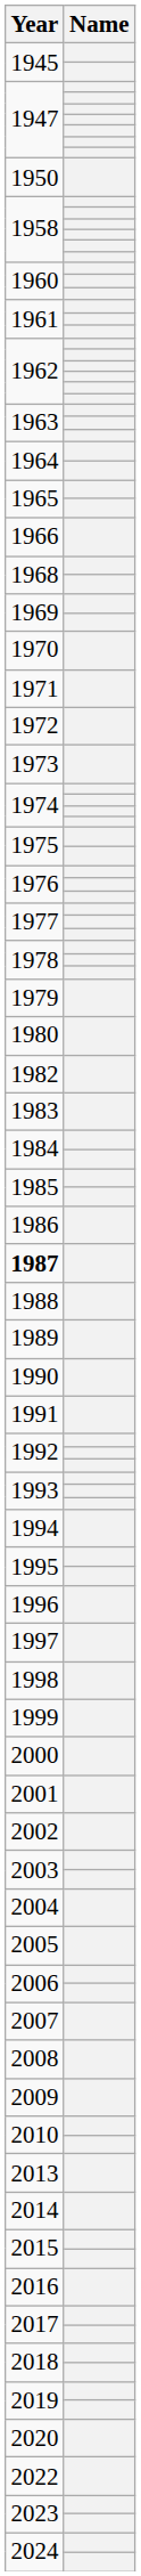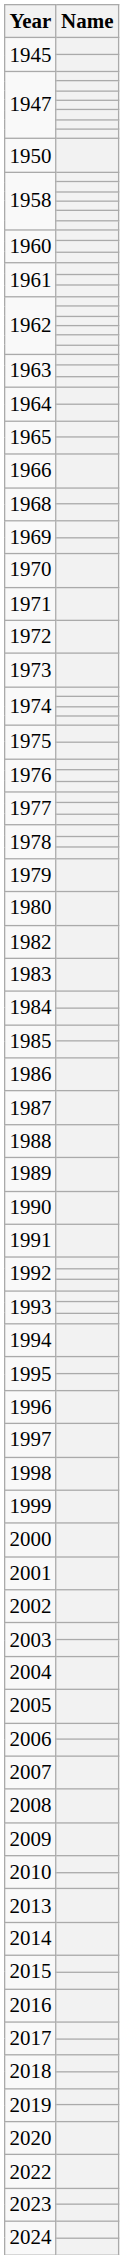 <table class="wikitable sortable plainrowheaders">
 <tr>
 <th scope="col">Year</th>
 <th scope="col">Name</th>
 </tr>
 <tr>
 <td rowspan="2">1945</td>
 <th scope="row"></th>
 </tr>
 <tr>
 <th scope="row"></th>
 </tr>
 <tr>
 <td rowspan="7">1947</td>
 <th scope="row"></th>
 </tr>
 <tr>
 <th scope="row"></th>
 </tr>
 <tr>
 <th scope="row"></th>
 </tr>
 <tr>
 <th scope="row"></th>
 </tr>
 <tr>
 <th scope="row"></th>
 </tr>
 <tr>
 <th scope="row"></th>
 </tr>
 <tr>
 <th scope="row"></th>
 </tr>
 <tr>
 <td>1950</td>
 <th scope="row"></th>
 </tr>
 <tr>
 <td rowspan="6">1958</td>
 <th scope="row"></th>
 </tr>
 <tr>
 <th scope="row"></th>
 </tr>
 <tr>
 <th scope="row"></th>
 </tr>
 <tr>
 <th scope="row"></th>
 </tr>
 <tr>
 <th scope="row"></th>
 </tr>
 <tr>
 <th scope="row"></th>
 </tr>
 <tr>
 <td rowspan="3">1960</td>
 <th scope="row"></th>
 </tr>
 <tr>
 <th scope="row"></th>
 </tr>
 <tr>
 <th scope="row"></th>
 </tr>
 <tr>
 <td rowspan="3">1961</td>
 <th scope="row"></th>
 </tr>
 <tr>
 <th scope="row"></th>
 </tr>
 <tr>
 <th scope="row"></th>
 </tr>
 <tr>
 <td rowspan="6">1962</td>
 <th scope="row"></th>
 </tr>
 <tr>
 <th scope="row"></th>
 </tr>
 <tr>
 <th scope="row"></th>
 </tr>
 <tr>
 <th scope="row"></th>
 </tr>
 <tr>
 <th scope="row"></th>
 </tr>
 <tr>
 <th scope="row"></th>
 </tr>
 <tr>
 <td rowspan="3">1963</td>
 <th scope="row"></th>
 </tr>
 <tr>
 <th scope="row"></th>
 </tr>
 <tr>
 <th scope="row"></th>
 </tr>
 <tr>
 <td rowspan="2">1964</td>
 <th scope="row"></th>
 </tr>
 <tr>
 <th scope="row"></th>
 </tr>
 <tr>
 <td rowspan="2">1965</td>
 <th scope="row"></th>
 </tr>
 <tr>
 <th scope="row"></th>
 </tr>
 <tr>
 <td>1966</td>
 <th scope="row"></th>
 </tr>
 <tr>
 <td rowspan="2">1968</td>
 <th scope="row"></th>
 </tr>
 <tr>
 <th scope="row"></th>
 </tr>
 <tr>
 <td rowspan="2">1969</td>
 <th scope="row"></th>
 </tr>
 <tr>
 <th scope="row"></th>
 </tr>
 <tr>
 <td>1970</td>
 <th scope="row"></th>
 </tr>
 <tr>
 <td>1971</td>
 <th scope="row"></th>
 </tr>
 <tr>
 <td>1972</td>
 <th scope="row"></th>
 </tr>
 <tr>
 <td>1973</td>
 <th scope="row"></th>
 </tr>
 <tr>
 <td rowspan="4">1974</td>
 <th scope="row"></th>
 </tr>
 <tr>
 <th scope="row"></th>
 </tr>
 <tr>
 <th scope="row"></th>
 </tr>
 <tr>
 <th scope="row"></th>
 </tr>
 <tr>
 <td rowspan="2">1975</td>
 <th scope="row"></th>
 </tr>
 <tr>
 <th scope="row"></th>
 </tr>
 <tr>
 <td rowspan="3">1976</td>
 <th scope="row"></th>
 </tr>
 <tr>
 <th scope="row"></th>
 </tr>
 <tr>
 <th scope="row"></th>
 </tr>
 <tr>
 <td rowspan="3">1977</td>
 <th scope="row"></th>
 </tr>
 <tr>
 <th scope="row"></th>
 </tr>
 <tr>
 <th scope="row"></th>
 </tr>
 <tr>
 <td rowspan="3">1978</td>
 <th scope="row"></th>
 </tr>
 <tr>
 <th scope="row"></th>
 </tr>
 <tr>
 <th scope="row"></th>
 </tr>
 <tr>
 <td>1979</td>
 <th scope="row"></th>
 </tr>
 <tr>
 <td>1980</td>
 <th scope="row"></th>
 </tr>
 <tr>
 <td>1982</td>
 <th scope="row"></th>
 </tr>
 <tr>
 <td>1983</td>
 <th scope="row"></th>
 </tr>
 <tr>
 <td rowspan="2">1984</td>
 <th scope="row"></th>
 </tr>
 <tr>
 <th scope="row"></th>
 </tr>
 <tr>
 <td rowspan="2">1985</td>
 <th scope="row"></th>
 </tr>
 <tr>
 <th scope="row"></th>
 </tr>
 <tr>
 <td>1986</td>
 <th scope="row"></th>
 </tr>
 <tr>
-<td><strong>1987</strong></td>
+<td>1987</td>
 <th scope="row"></th>
 </tr>
 <tr>
 <td>1988</td>
 <th scope="row"></th>
 </tr>
 <tr>
 <td>1989</td>
 <th scope="row"></th>
 </tr>
 <tr>
 <td>1990</td>
 <th scope="row"></th>
 </tr>
 <tr>
 <td>1991</td>
 <th scope="row"></th>
 </tr>
 <tr>
 <td rowspan="3">1992</td>
 <th scope="row"></th>
 </tr>
 <tr>
 <th scope="row"></th>
 </tr>
 <tr>
 <th scope="row"></th>
 </tr>
 <tr>
 <td rowspan="3">1993</td>
 <th scope="row"></th>
 </tr>
 <tr>
 <th scope="row"></th>
 </tr>
 <tr>
 <th scope="row"></th>
 </tr>
 <tr>
 <td>1994</td>
 <th scope="row"></th>
 </tr>
 <tr>
 <td rowspan="2">1995</td>
 <th scope="row"></th>
 </tr>
 <tr>
 <th scope="row"></th>
 </tr>
 <tr>
 <td>1996</td>
 <th scope="row"></th>
 </tr>
 <tr>
 <td>1997</td>
 <th scope="row"></th>
 </tr>
 <tr>
 <td>1998</td>
 <th scope="row"></th>
 </tr>
 <tr>
 <td>1999</td>
 <th scope="row"></th>
 </tr>
 <tr>
 <td>2000</td>
 <th scope="row"></th>
 </tr>
 <tr>
 <td>2001</td>
 <th scope="row"></th>
 </tr>
 <tr>
 <td>2002</td>
 <th scope="row"></th>
 </tr>
 <tr>
 <td rowspan="2">2003</td>
 <th scope="row"></th>
 </tr>
 <tr>
 <th scope="row"></th>
 </tr>
 <tr>
 <td>2004</td>
 <th scope="row"></th>
 </tr>
 <tr>
 <td>2005</td>
 <th scope="row"></th>
 </tr>
 <tr>
 <td rowspan="2">2006</td>
 <th scope="row"></th>
 </tr>
 <tr>
 <th scope="row"></th>
 </tr>
 <tr>
 <td>2007</td>
 <th scope="row"></th>
 </tr>
 <tr>
 <td>2008</td>
 <th scope="row"></th>
 </tr>
 <tr>
 <td>2009</td>
 <th scope="row"></th>
 </tr>
 <tr>
 <td rowspan="2">2010</td>
 <th scope="row"></th>
 </tr>
 <tr>
 <th scope="row"></th>
 </tr>
 <tr>
 <td>2013</td>
 <th scope="row"></th>
 </tr>
 <tr>
 <td>2014</td>
 <th scope="row"></th>
 </tr>
 <tr>
 <td rowspan="2">2015</td>
 <th scope="row"></th>
 </tr>
 <tr>
 <th scope="row"></th>
 </tr>
 <tr>
 <td>2016</td>
 <th scope="row"></th>
 </tr>
 <tr>
 <td rowspan="2">2017</td>
 <th scope="row"></th>
 </tr>
 <tr>
 <th scope="row"></th>
 </tr>
 <tr>
 <td rowspan="2">2018</td>
 <th scope="row"></th>
 </tr>
 <tr>
 <th scope="row"></th>
 </tr>
 <tr>
 <td rowspan="2">2019</td>
 <th scope="row"></th>
 </tr>
 <tr>
 <th scope="row"></th>
 </tr>
 <tr>
 <td>2020</td>
 <th scope="row"></th>
 </tr>
 <tr>
 <td>2022</td>
 <th scope="row"></th>
 </tr>
 <tr>
 <td rowspan="2">2023</td>
 <th scope="row"></th>
 </tr>
 <tr>
 <th scope="row"></th>
 </tr>
 <tr>
 <td rowspan="2">2024</td>
 <th scope="row"></th>
 </tr>
 <tr>
 <th scope="row"></th>
 </tr>
 </table>
